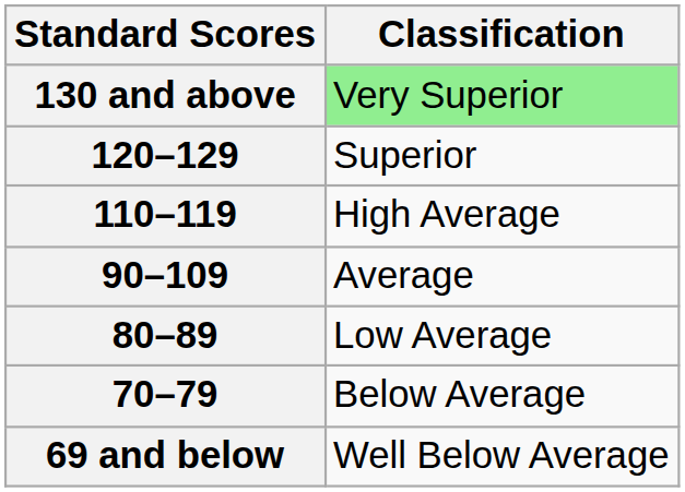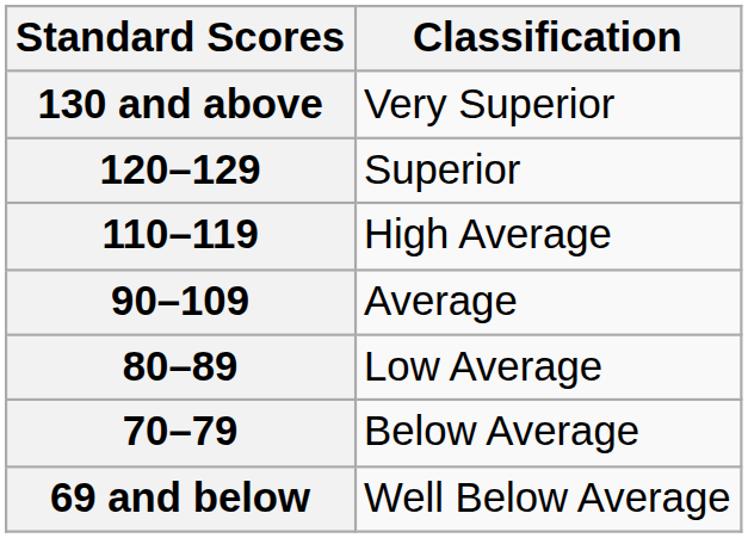 <table class="wikitable">
 <tr>
 <th>Standard Scores</th>
 <th>Classification</th>
 </tr>
 <tr>
 <th>130 and above</th>
-<td style="background: lightgreen;">Very Superior</td>
+<td>Very Superior</td>
 </tr>
 <tr>
 <th>120–129</th>
 <td>Superior</td>
 </tr>
 <tr>
 <th>110–119</th>
 <td>High Average</td>
 </tr>
 <tr>
 <th>90–109</th>
 <td>Average</td>
 </tr>
 <tr>
 <th>80–89</th>
 <td>Low Average</td>
 </tr>
 <tr>
 <th>70–79</th>
 <td>Below Average</td>
 </tr>
 <tr>
 <th>69 and below</th>
 <td>Well Below Average</td>
 </tr>
 </table>
